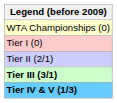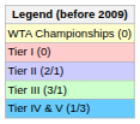 <table class=wikitable style=font-size:97%>
 <tr>
 <th>Legend (before 2009)</th>
 </tr>
 <tr>
 <td align=center colspan=2 style="background:#ffc;">WTA Championships (0)</td>
 </tr>
 <tr>
 <td bgcolor=#ffcccc>Tier I (0)</td>
 </tr>
 <tr>
 <td bgcolor=#ccccff>Tier II (2/1)</td>
 </tr>
 <tr>
-<td bgcolor=#CCFFCC><strong>Tier III (3/1)</strong></td>
+<td bgcolor=#CCFFCC>Tier III (3/1)</td>
 </tr>
 <tr>
-<td bgcolor=#66CCFF><strong>Tier IV & V (1/3)</strong></td>
+<td bgcolor=#66CCFF>Tier IV & V (1/3)</td>
 </tr>
 </table>
